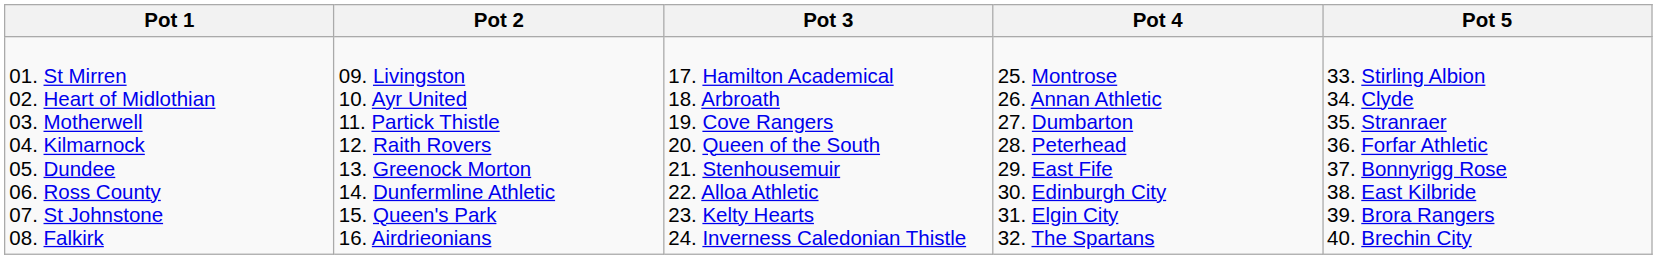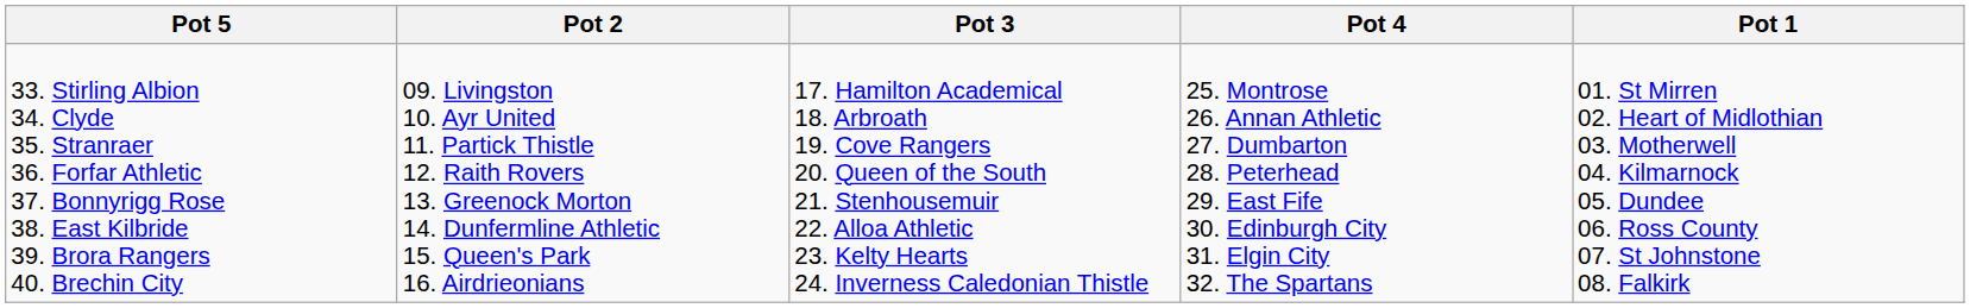 <table class="wikitable">
 <tr>
-<th style="width:250px;">Pot 1</th>
+<th style="width:250px;">Pot 5</th>
 <th style="width:250px;">Pot 2</th>
 <th style="width:250px;">Pot 3</th>
 <th style="width:250px;">Pot 4</th>
-<th style="width:250px;">Pot 5</th>
+<th style="width:250px;">Pot 1</th>
 </tr>
 <tr>
-<td valign=top><br>01. <a href='#'>St Mirren</a><br> 02. <a href='#'>Heart of Midlothian</a><br> 03. <a href='#'>Motherwell</a><br> 04. <a href='#'>Kilmarnock</a><br> 05. <a href='#'>Dundee</a><br> 06. <a href='#'>Ross County</a><br> 07. <a href='#'>St Johnstone</a><br> 08. <a href='#'>Falkirk</a></td>
+<td valign=top><br>33. <a href='#'>Stirling Albion</a><br> 34. <a href='#'>Clyde</a><br> 35. <a href='#'>Stranraer</a><br> 36. <a href='#'>Forfar Athletic</a><br> 37. <a href='#'>Bonnyrigg Rose</a><br> 38. <a href='#'>East Kilbride</a><br> 39. <a href='#'>Brora Rangers</a><br> 40. <a href='#'>Brechin City</a></td>
 <td valign=top><br>09. <a href='#'>Livingston</a><br> 10. <a href='#'>Ayr United</a><br> 11. <a href='#'>Partick Thistle</a><br> 12. <a href='#'>Raith Rovers</a><br> 13. <a href='#'>Greenock Morton</a><br> 14. <a href='#'>Dunfermline Athletic</a><br> 15. <a href='#'>Queen's Park</a><br> 16. <a href='#'>Airdrieonians</a></td>
 <td valign=top><br>17. <a href='#'>Hamilton Academical</a><br> 18. <a href='#'>Arbroath</a><br> 19. <a href='#'>Cove Rangers</a><br> 20. <a href='#'>Queen of the South</a><br> 21. <a href='#'>Stenhousemuir</a><br> 22. <a href='#'>Alloa Athletic</a><br> 23. <a href='#'>Kelty Hearts</a><br> 24. <a href='#'>Inverness Caledonian Thistle</a></td>
 <td valign=top><br>25. <a href='#'>Montrose</a><br> 26. <a href='#'>Annan Athletic</a><br> 27. <a href='#'>Dumbarton</a><br> 28. <a href='#'>Peterhead</a><br> 29. <a href='#'>East Fife</a><br> 30. <a href='#'>Edinburgh City</a><br> 31. <a href='#'>Elgin City</a><br> 32. <a href='#'>The Spartans</a></td>
-<td valign=top><br>33. <a href='#'>Stirling Albion</a><br> 34. <a href='#'>Clyde</a><br> 35. <a href='#'>Stranraer</a><br> 36. <a href='#'>Forfar Athletic</a><br> 37. <a href='#'>Bonnyrigg Rose</a><br> 38. <a href='#'>East Kilbride</a><br> 39. <a href='#'>Brora Rangers</a><br> 40. <a href='#'>Brechin City</a></td>
+<td valign=top><br>01. <a href='#'>St Mirren</a><br> 02. <a href='#'>Heart of Midlothian</a><br> 03. <a href='#'>Motherwell</a><br> 04. <a href='#'>Kilmarnock</a><br> 05. <a href='#'>Dundee</a><br> 06. <a href='#'>Ross County</a><br> 07. <a href='#'>St Johnstone</a><br> 08. <a href='#'>Falkirk</a></td>
 </tr>
 </table>
